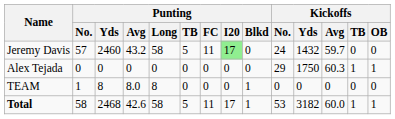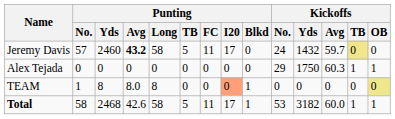 <table class="wikitable" style="white-space:nowrap;">
 <tr>
 <th rowspan="2">Name</th>
 <th colspan="8">Punting</th>
 <th colspan="5">Kickoffs</th>
 </tr>
 <tr>
 <th>No.</th>
 <th>Yds</th>
 <th>Avg</th>
 <th>Long</th>
 <th>TB</th>
 <th>FC</th>
 <th>I20</th>
 <th>Blkd</th>
 <th>No.</th>
 <th>Yds</th>
 <th>Avg</th>
 <th>TB</th>
 <th>OB</th>
 </tr>
 <tr>
 <td>Jeremy Davis</td>
 <td>57</td>
 <td>2460</td>
-<td>43.2</td>
+<td><strong>43.2</strong></td>
 <td>58</td>
 <td>5</td>
 <td>11</td>
-<td style="background: lightgreen;">17</td>
+<td>17</td>
 <td>0</td>
 <td>24</td>
 <td>1432</td>
 <td>59.7</td>
-<td>0</td>
+<td style="background: khaki;">0</td>
 <td>0</td>
 </tr>
 <tr>
 <td>Alex Tejada</td>
 <td>0</td>
 <td>0</td>
 <td>0</td>
 <td>0</td>
 <td>0</td>
 <td>0</td>
 <td>0</td>
 <td>0</td>
 <td>29</td>
 <td>1750</td>
 <td>60.3</td>
 <td>1</td>
 <td>1</td>
 </tr>
 <tr>
 <td>TEAM</td>
 <td>1</td>
 <td>8</td>
 <td>8.0</td>
 <td>8</td>
 <td>0</td>
 <td>0</td>
-<td>0</td>
+<td style="background: lightsalmon;">0</td>
 <td>1</td>
 <td>0</td>
 <td>0</td>
 <td>0</td>
 <td>0</td>
-<td>0</td>
+<td style="background: khaki;">0</td>
 </tr>
 <tr>
 <td><strong>Total</strong></td>
 <td>58</td>
 <td>2468</td>
 <td>42.6</td>
 <td>58</td>
 <td>5</td>
 <td>11</td>
 <td>17</td>
 <td>1</td>
 <td>53</td>
 <td>3182</td>
 <td>60.0</td>
 <td>1</td>
 <td>1</td>
 </tr>
 </table>
